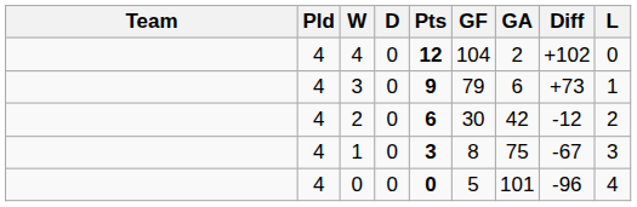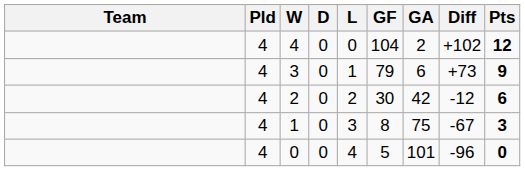 <table class="wikitable" style="text-align: center;">
 <tr>
 <th width=220>Team</th>
 <th width=20>Pld</th>
 <th width=20>W</th>
 <th width=20>D</th>
-<th width=20>Pts<br></th>
+<th width=20>L</th>
 <th width=20>GF</th>
 <th width=20>GA</th>
 <th width=20>Diff</th>
-<th width=20>L</th>
+<th width=20>Pts<br></th>
 </tr>
 <tr align=center>
 <td style="text-align:left;"></td>
 <td>4</td>
 <td>4</td>
 <td>0</td>
-<td><strong>12</strong></td>
+<td>0</td>
 <td>104</td>
 <td>2</td>
 <td>+102</td>
-<td>0</td>
+<td><strong>12</strong></td>
 </tr>
 <tr align=center>
 <td style="text-align:left;"></td>
 <td>4</td>
 <td>3</td>
 <td>0</td>
-<td><strong>9</strong></td>
+<td>1</td>
 <td>79</td>
 <td>6</td>
 <td>+73</td>
-<td>1</td>
+<td><strong>9</strong></td>
 </tr>
 <tr align=center>
 <td style="text-align:left;"></td>
 <td>4</td>
 <td>2</td>
 <td>0</td>
-<td><strong>6</strong></td>
+<td>2</td>
 <td>30</td>
 <td>42</td>
 <td>-12</td>
-<td>2</td>
+<td><strong>6</strong></td>
 </tr>
 <tr align=center>
 <td style="text-align:left;"></td>
 <td>4</td>
 <td>1</td>
 <td>0</td>
-<td><strong>3</strong></td>
+<td>3</td>
 <td>8</td>
 <td>75</td>
 <td>-67</td>
-<td>3</td>
+<td><strong>3</strong></td>
 </tr>
 <tr align=center>
 <td style="text-align:left;"></td>
 <td>4</td>
 <td>0</td>
 <td>0</td>
-<td><strong>0</strong></td>
+<td>4</td>
 <td>5</td>
 <td>101</td>
 <td>-96</td>
-<td>4</td>
+<td><strong>0</strong></td>
 </tr>
 </table>
